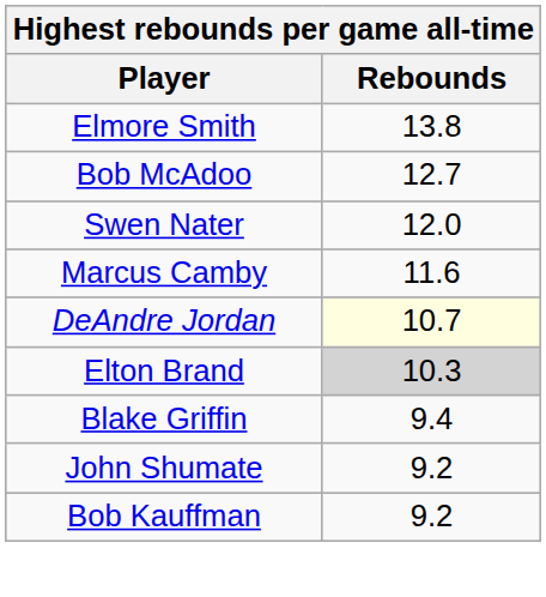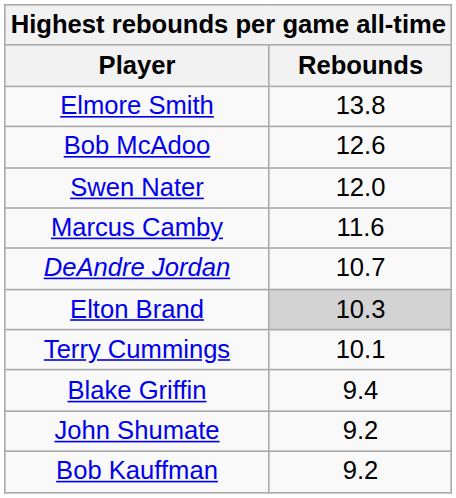 <table class="wikitable sortable" style="text-align:center">
 <tr>
 <th colspan="2">Highest rebounds per game all-time</th>
 </tr>
 <tr>
 <th>Player</th>
 <th>Rebounds</th>
 </tr>
 <tr>
 <td><a href='#'>Elmore Smith</a></td>
 <td>13.8</td>
 </tr>
 <tr>
 <td><a href='#'>Bob McAdoo</a></td>
-<td>12.7</td>
+<td>12.6</td>
 </tr>
 <tr>
 <td><a href='#'>Swen Nater</a></td>
 <td>12.0</td>
 </tr>
 <tr>
 <td><a href='#'>Marcus Camby</a></td>
 <td>11.6</td>
 </tr>
 <tr>
 <td><em><a href='#'>DeAndre Jordan</a></em></td>
-<td style="background: lightyellow;">10.7</td>
+<td>10.7</td>
 </tr>
 <tr>
 <td><a href='#'>Elton Brand</a></td>
 <td style="background: lightgrey;">10.3</td>
+</tr>
+<tr>
+<td><a href='#'>Terry Cummings</a></td>
+<td>10.1</td>
 </tr>
 <tr>
 <td><a href='#'>Blake Griffin</a></td>
 <td>9.4</td>
 </tr>
 <tr>
 <td><a href='#'>John Shumate</a></td>
 <td>9.2</td>
 </tr>
 <tr>
 <td><a href='#'>Bob Kauffman</a></td>
 <td>9.2</td>
 </tr>
 </table>
